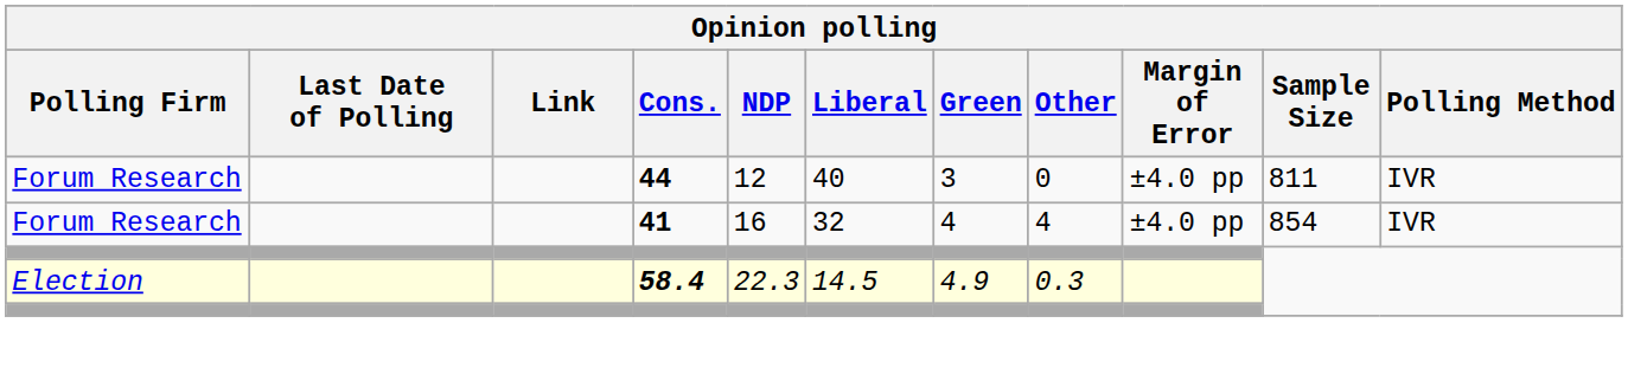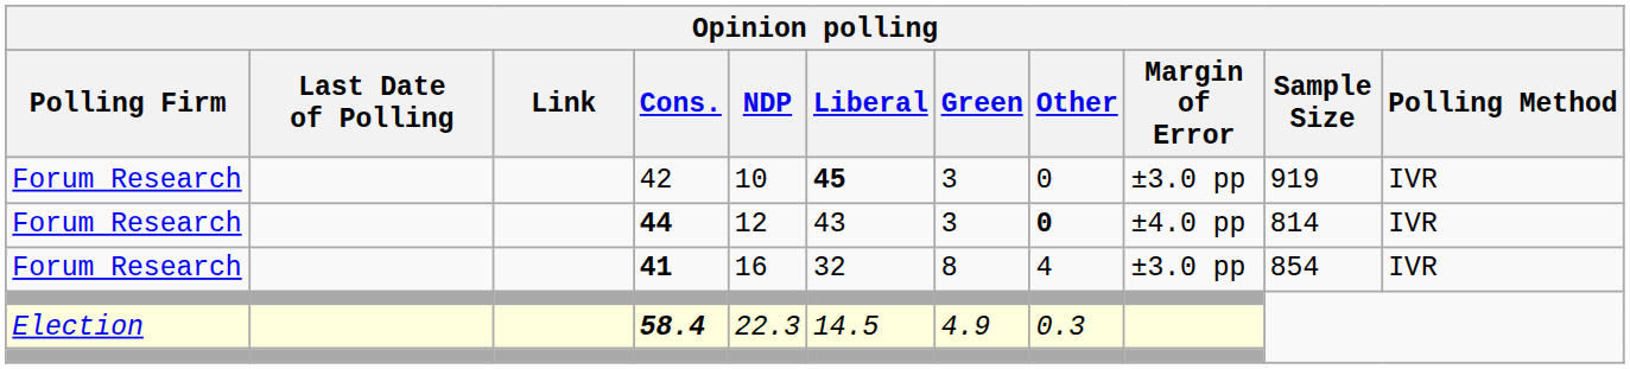 <table class="wikitable collapsible sortable collapsed">
 <tr style="background:#e9e9e9;">
 <th style="width:640px,;" colspan="11">Opinion polling</th>
 </tr>
 <tr style="background:#e9e9e9;">
 <th style="width:110px">Polling Firm</th>
 <th style="width:110px">Last Date<br>of Polling</th>
 <th style="width:60px" class="unsortable">Link</th>
 <th style="background-color:"><a href='#'>Cons.</a></th>
 <th style="background-color:"><a href='#'>NDP</a></th>
 <th style="background-color:"><a href='#'>Liberal</a></th>
 <th style="background-color:"><a href='#'>Green</a></th>
 <th style="background-color:"><a href='#'>Other</a></th>
 <th style="width:60px;" class=unsortable>Margin<br>of Error</th>
 <th style="width:50px;" class=unsortable>Sample<br>Size</th>
 <th class=unsortable>Polling Method</th>
 </tr>
 <tr>
 <td><a href='#'>Forum Research</a></td>
 <td></td>
 <td></td>
+<td>42</td>
+<td>10</td>
+<td><strong>45</strong></td>
+<td>3</td>
+<td>0</td>
+<td>±3.0 pp</td>
+<td>919</td>
+<td>IVR</td>
+</tr>
+<tr>
+<td><a href='#'>Forum Research</a></td>
+<td></td>
+<td></td>
 <td><strong>44</strong></td>
 <td>12</td>
-<td>40</td>
+<td>43</td>
 <td>3</td>
-<td>0</td>
+<td><strong>0</strong></td>
 <td>±4.0 pp</td>
-<td>811</td>
+<td>814</td>
 <td>IVR</td>
 </tr>
 <tr>
 <td><a href='#'>Forum Research</a></td>
 <td></td>
 <td></td>
 <td><strong>41</strong></td>
 <td>16</td>
 <td>32</td>
+<td>8</td>
 <td>4</td>
-<td>4</td>
-<td>±4.0 pp</td>
+<td>±3.0 pp</td>
 <td>854</td>
 <td>IVR</td>
 </tr>
 <tr style="background:Darkgrey;">
 <td></td>
 <td></td>
 <td></td>
 <td></td>
 <td></td>
 <td></td>
 <td></td>
 <td></td>
 <td></td>
 </tr>
 <tr>
 <td style="background:#ffd;"><em><a href='#'>Election</a></em></td>
 <td style="background:#ffd;"></td>
 <td style="background:#ffd;"></td>
 <td style="background:#ffd;"><strong><em>58.4</em></strong></td>
 <td style="background:#ffd;"><em>22.3</em></td>
 <td style="background:#ffd;"><em>14.5</em></td>
 <td style="background:#ffd;"><em>4.9</em></td>
 <td style="background:#ffd;"><em>0.3</em></td>
 <td style="background:#ffd;"></td>
 </tr>
 <tr style="background:Darkgrey;">
 <td></td>
 <td></td>
 <td></td>
 <td></td>
 <td></td>
 <td></td>
 <td></td>
 <td></td>
 <td></td>
 </tr>
 </table>
